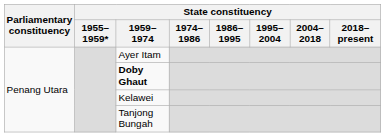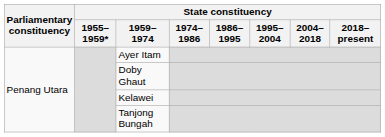 <table class="wikitable">
 <tr>
 <th rowspan="2">Parliamentary<br>constituency</th>
 <th colspan="7">State constituency</th>
 </tr>
 <tr>
 <th>1955–1959*</th>
 <th>1959–1974</th>
 <th>1974–1986</th>
 <th>1986–1995</th>
 <th>1995–2004</th>
 <th>2004–2018</th>
 <th>2018–present</th>
 </tr>
 <tr>
 <td rowspan="4">Penang Utara</td>
 <td rowspan="4" bgcolor="dcdcdc"></td>
 <td>Ayer Itam</td>
 <td colspan="5" bgcolor="dcdcdc"></td>
 </tr>
 <tr>
-<td><strong>Doby Ghaut</strong></td>
+<td>Doby Ghaut</td>
 <td colspan="5" bgcolor="dcdcdc"></td>
 </tr>
 <tr>
 <td>Kelawei</td>
 <td colspan="5" bgcolor="dcdcdc"></td>
 </tr>
 <tr>
 <td>Tanjong Bungah</td>
 <td colspan="5" bgcolor="dcdcdc"></td>
 </tr>
 </table>
